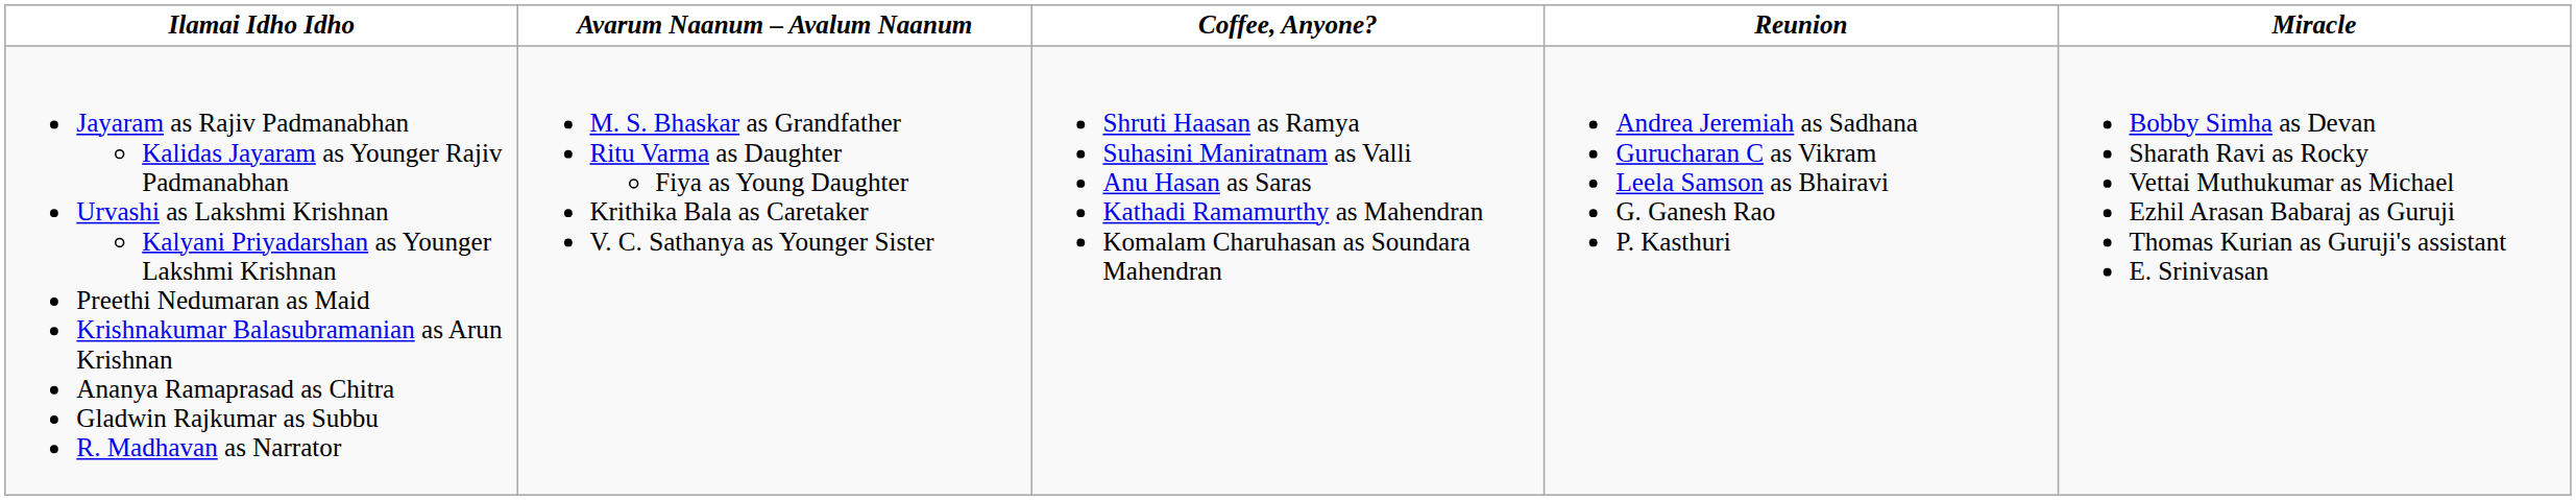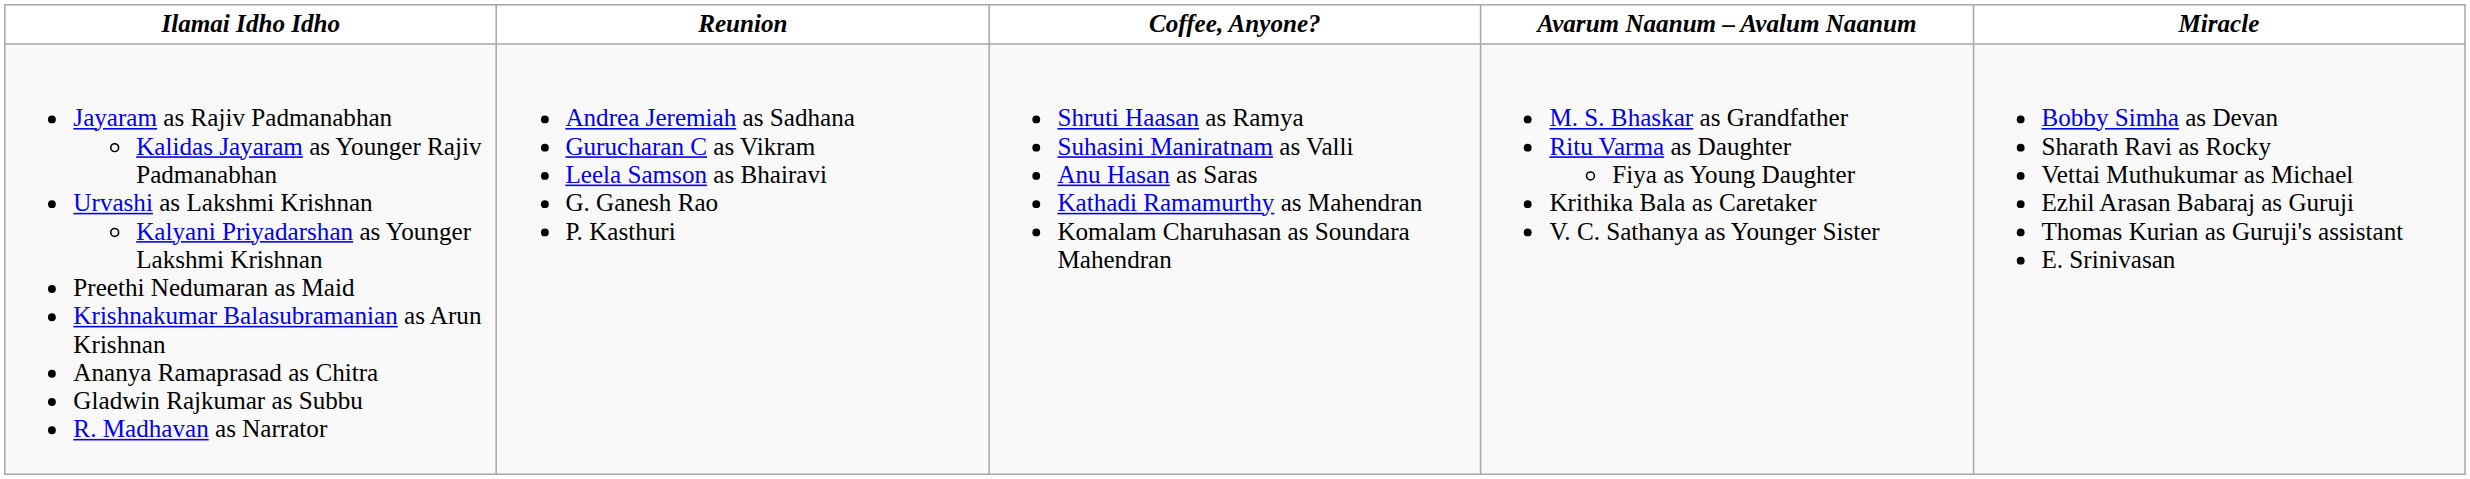 <table class=wikitable>
 <tr>
 <th style="background:#ffffff; width:20%"><em>Ilamai Idho Idho</em></th>
+<th style="background:#ffffff; width:20%"><em>Reunion</em></th>
+<th style="background:#ffffff; width:20%"><em>Coffee, Anyone?</em></th>
 <th style="background:#ffffff; width:20%"><em>Avarum Naanum – Avalum Naanum</em></th>
-<th style="background:#ffffff; width:20%"><em>Coffee, Anyone?</em></th>
-<th style="background:#ffffff; width:20%"><em>Reunion</em></th>
 <th style="background:#ffffff; width:20%"><em>Miracle</em></th>
 </tr>
 <tr>
 <td valign="top"><br><ul><li><a href='#'>Jayaram</a> as Rajiv Padmanabhan<ul><li><a href='#'>Kalidas Jayaram</a> as Younger Rajiv Padmanabhan</li></ul></li><li><a href='#'>Urvashi</a> as Lakshmi Krishnan<ul><li><a href='#'>Kalyani Priyadarshan</a> as Younger Lakshmi Krishnan</li></ul></li><li>Preethi Nedumaran as Maid</li><li><a href='#'>Krishnakumar Balasubramanian</a> as Arun Krishnan</li><li>Ananya Ramaprasad as Chitra</li><li>Gladwin Rajkumar as Subbu</li><li><a href='#'>R. Madhavan</a> as Narrator</li></ul></td>
+<td valign="top"><br><ul><li><a href='#'>Andrea Jeremiah</a> as Sadhana</li><li><a href='#'>Gurucharan C</a> as Vikram</li><li><a href='#'>Leela Samson</a> as Bhairavi</li><li>G. Ganesh Rao</li><li>P. Kasthuri</li></ul></td>
+<td valign="top"><br><ul><li><a href='#'>Shruti Haasan</a> as Ramya</li><li><a href='#'>Suhasini Maniratnam</a> as Valli</li><li><a href='#'>Anu Hasan</a> as Saras</li><li><a href='#'>Kathadi Ramamurthy</a> as Mahendran</li><li>Komalam Charuhasan as Soundara Mahendran</li></ul></td>
 <td valign="top"><br><ul><li><a href='#'>M. S. Bhaskar</a> as Grandfather</li><li><a href='#'>Ritu Varma</a> as Daughter<ul><li>Fiya as Young Daughter</li></ul></li><li>Krithika Bala as Caretaker</li><li>V. C. Sathanya as Younger Sister</li></ul></td>
-<td valign="top"><br><ul><li><a href='#'>Shruti Haasan</a> as Ramya</li><li><a href='#'>Suhasini Maniratnam</a> as Valli</li><li><a href='#'>Anu Hasan</a> as Saras</li><li><a href='#'>Kathadi Ramamurthy</a> as Mahendran</li><li>Komalam Charuhasan as Soundara Mahendran</li></ul></td>
-<td valign="top"><br><ul><li><a href='#'>Andrea Jeremiah</a> as Sadhana</li><li><a href='#'>Gurucharan C</a> as Vikram</li><li><a href='#'>Leela Samson</a> as Bhairavi</li><li>G. Ganesh Rao</li><li>P. Kasthuri</li></ul></td>
 <td valign="top"><br><ul><li><a href='#'>Bobby Simha</a> as Devan</li><li>Sharath Ravi as Rocky</li><li>Vettai Muthukumar as Michael</li><li>Ezhil Arasan Babaraj as Guruji</li><li>Thomas Kurian as Guruji's assistant</li><li>E. Srinivasan</li></ul></td>
 </tr>
 </table>
